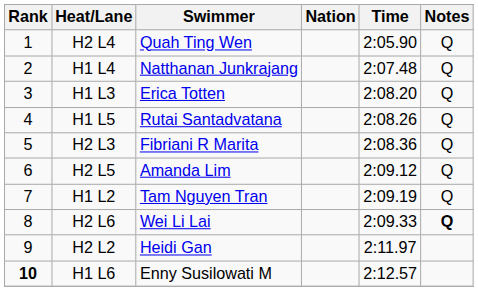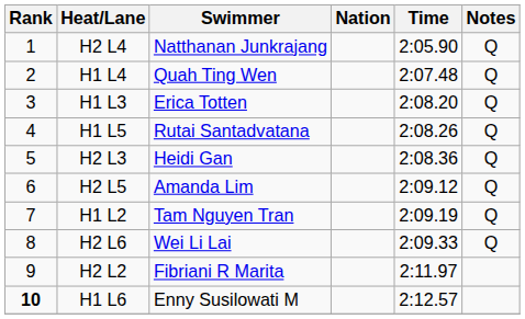 <table class="wikitable sortable" style="text-align:center">
 <tr>
 <th>Rank</th>
 <th>Heat/Lane</th>
 <th>Swimmer</th>
 <th>Nation</th>
 <th>Time</th>
 <th>Notes</th>
 </tr>
 <tr>
 <td>1</td>
 <td>H2 L4</td>
-<td align=left><a href='#'>Quah Ting Wen</a></td>
+<td align=left><a href='#'>Natthanan Junkrajang</a></td>
 <td align=left></td>
 <td>2:05.90</td>
 <td>Q</td>
 </tr>
 <tr>
 <td>2</td>
 <td>H1 L4</td>
-<td align=left><a href='#'>Natthanan Junkrajang</a></td>
+<td align=left><a href='#'>Quah Ting Wen</a></td>
 <td align=left></td>
 <td>2:07.48</td>
 <td>Q</td>
 </tr>
 <tr>
 <td>3</td>
 <td>H1 L3</td>
 <td align=left><a href='#'>Erica Totten</a></td>
 <td align=left></td>
 <td>2:08.20</td>
 <td>Q</td>
 </tr>
 <tr>
 <td>4</td>
 <td>H1 L5</td>
 <td align=left><a href='#'>Rutai Santadvatana</a></td>
 <td align=left></td>
 <td>2:08.26</td>
 <td>Q</td>
 </tr>
 <tr>
 <td>5</td>
 <td>H2 L3</td>
-<td align=left><a href='#'>Fibriani R Marita</a></td>
+<td align=left><a href='#'>Heidi Gan</a></td>
 <td align=left></td>
 <td>2:08.36</td>
 <td>Q</td>
 </tr>
 <tr>
 <td>6</td>
 <td>H2 L5</td>
 <td align=left><a href='#'>Amanda Lim</a></td>
 <td align=left></td>
 <td>2:09.12</td>
 <td>Q</td>
 </tr>
 <tr>
 <td>7</td>
 <td>H1 L2</td>
 <td align=left><a href='#'>Tam Nguyen Tran</a></td>
 <td align=left></td>
 <td>2:09.19</td>
 <td>Q</td>
 </tr>
 <tr>
 <td>8</td>
 <td>H2 L6</td>
 <td align=left><a href='#'>Wei Li Lai</a></td>
 <td align=left></td>
 <td>2:09.33</td>
-<td><strong>Q</strong></td>
+<td>Q</td>
 </tr>
 <tr>
 <td>9</td>
 <td>H2 L2</td>
-<td align=left><a href='#'>Heidi Gan</a></td>
+<td align=left><a href='#'>Fibriani R Marita</a></td>
 <td align=left></td>
 <td>2:11.97</td>
 <td></td>
 </tr>
 <tr>
 <td><strong>10</strong></td>
 <td>H1 L6</td>
 <td align=left>Enny Susilowati M</td>
 <td align=left></td>
 <td>2:12.57</td>
 <td></td>
 </tr>
 <tr>
 </tr>
 </table>
